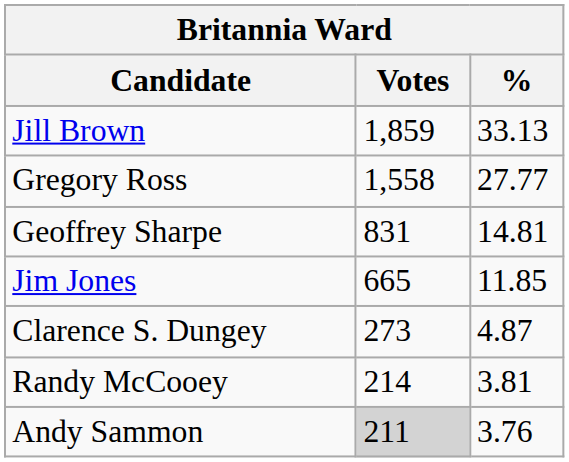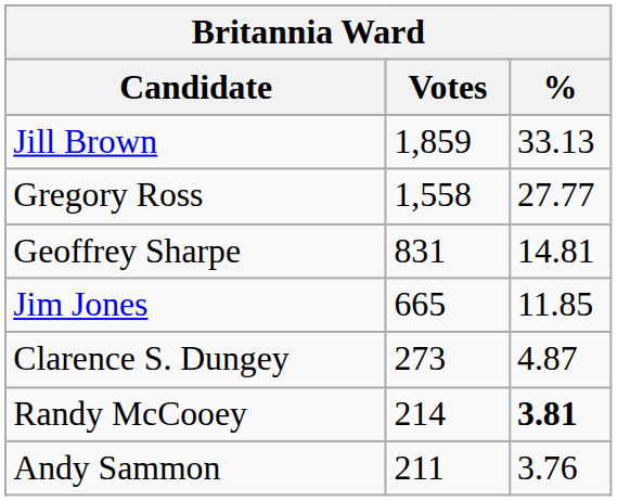 <table class="wikitable">
 <tr>
 <th colspan="3">Britannia Ward</th>
 </tr>
 <tr>
 <th style="width: 170px">Candidate</th>
 <th style="width: 50px">Votes</th>
 <th style="width: 40px">%</th>
 </tr>
 <tr>
 <td><a href='#'>Jill Brown</a></td>
 <td>1,859</td>
 <td>33.13</td>
 </tr>
 <tr>
 <td>Gregory Ross</td>
 <td>1,558</td>
 <td>27.77</td>
 </tr>
 <tr>
 <td>Geoffrey Sharpe</td>
 <td>831</td>
 <td>14.81</td>
 </tr>
 <tr>
 <td><a href='#'>Jim Jones</a></td>
 <td>665</td>
 <td>11.85</td>
 </tr>
 <tr>
 <td>Clarence S. Dungey</td>
 <td>273</td>
 <td>4.87</td>
 </tr>
 <tr>
 <td>Randy McCooey</td>
 <td>214</td>
-<td>3.81</td>
+<td><strong>3.81</strong></td>
 </tr>
 <tr>
 <td>Andy Sammon</td>
-<td style="background: lightgrey;">211</td>
+<td>211</td>
 <td>3.76</td>
 </tr>
 </table>
